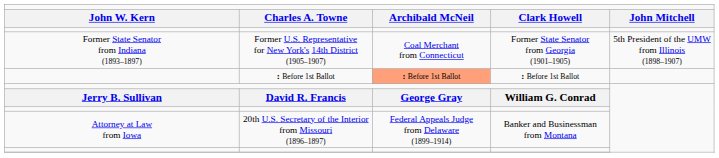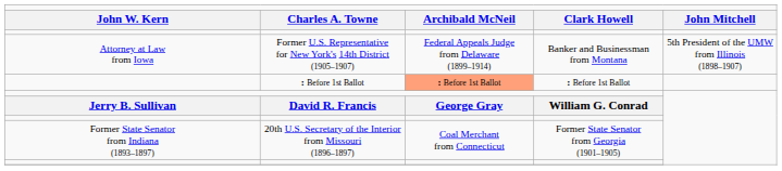 <table class="wikitable" style="font-size:90%">
 <tr>
 <td colspan="5" style="text-align:center; width:938px; font-size:120%; color:white; background:"></td>
 </tr>
 <tr>
 <th scope="col" style="width:3em; font-size:120%;"><a href='#'>John W. Kern</a></th>
 <th scope="col" style="width:3em; font-size:120%;"><a href='#'>Charles A. Towne</a></th>
 <th scope="col" style="width:3em; font-size:120%;"><a href='#'>Archibald McNeil</a></th>
 <th scope="col" style="width:3em; font-size:120%;"><a href='#'>Clark Howell</a></th>
 <th scope="col" style="width:9em; font-size:120%;"><a href='#'>John Mitchell</a></th>
 </tr>
 <tr>
 <td></td>
 <td></td>
 <td></td>
 <td></td>
 <td></td>
 </tr>
 <tr style="text-align:center">
-<td>Former <a href='#'>State Senator</a><br>from <a href='#'>Indiana</a><br><small>(1893–1897)</small></td>
+<td><a href='#'>Attorney at Law</a><br>from <a href='#'>Iowa</a></td>
 <td>Former <a href='#'>U.S. Representative</a><br>for <a href='#'>New York's</a> <a href='#'>14th District</a><br><small>(1905–1907)</small></td>
-<td><a href='#'>Coal Merchant</a><br>from <a href='#'>Connecticut</a></td>
-<td>Former <a href='#'>State Senator</a><br>from <a href='#'>Georgia</a><br><small>(1901–1905)</small></td>
+<td><a href='#'>Federal Appeals Judge</a><br>from <a href='#'>Delaware</a><br><small>(1899–1914)</small></td>
+<td>Banker and Businessman<br>from <a href='#'>Montana</a></td>
 <td>5th President of the <a href='#'>UMW</a><br>from <a href='#'>Illinois</a><br><small>(1898–1907)</small></td>
 </tr>
 <tr style="text-align:center">
 <td></td>
 <td><strong>:</strong> <small>Before 1st Ballot</small></td>
 <td style="background: lightsalmon;"><strong>:</strong> <small>Before 1st Ballot</small></td>
 <td><strong>:</strong> <small>Before 1st Ballot</small></td>
 <td><strong></strong></td>
 </tr>
 <tr>
 <td colspan="4" style="text-align:center; width:938px; font-size:120%; color:white; background:"></td>
 </tr>
 <tr>
 <th scope="col" style="width:9em; font-size:120%;"><a href='#'>Jerry B. Sullivan</a></th>
 <th scope="col" style="width:3em; font-size:120%;"><a href='#'>David R. Francis</a></th>
 <th scope="col" style="width:3em; font-size:120%;"><a href='#'>George Gray</a></th>
 <th scope="col" style="width:3em; font-size:120%;">William G. Conrad</th>
 </tr>
 <tr>
 <td></td>
 <td></td>
 <td></td>
 <td></td>
 </tr>
 <tr style="text-align:center">
-<td><a href='#'>Attorney at Law</a><br>from <a href='#'>Iowa</a></td>
+<td>Former <a href='#'>State Senator</a><br>from <a href='#'>Indiana</a><br><small>(1893–1897)</small></td>
 <td>20th <a href='#'>U.S. Secretary of the Interior</a><br>from <a href='#'>Missouri</a><br><small>(1896–1897)</small></td>
-<td><a href='#'>Federal Appeals Judge</a><br>from <a href='#'>Delaware</a><br><small>(1899–1914)</small></td>
-<td>Banker and Businessman<br>from <a href='#'>Montana</a></td>
+<td><a href='#'>Coal Merchant</a><br>from <a href='#'>Connecticut</a></td>
+<td>Former <a href='#'>State Senator</a><br>from <a href='#'>Georgia</a><br><small>(1901–1905)</small></td>
 </tr>
 <tr style="text-align:center">
 <td><strong></strong></td>
 <td><strong></strong></td>
 <td><strong></strong></td>
 <td><strong></strong></td>
 </tr>
 <tr>
 </tr>
 </table>
